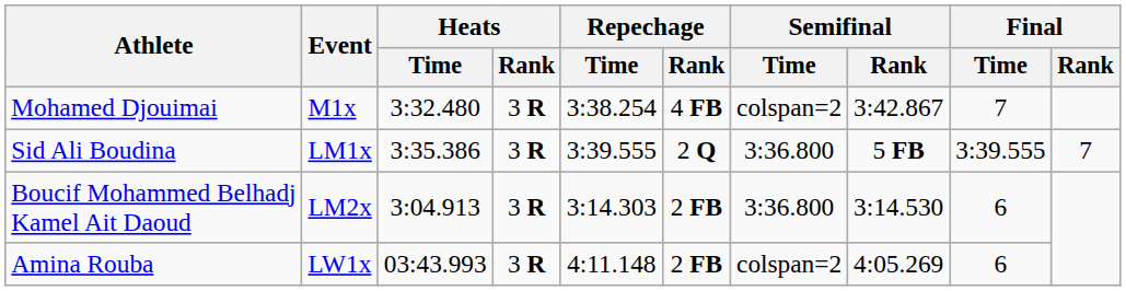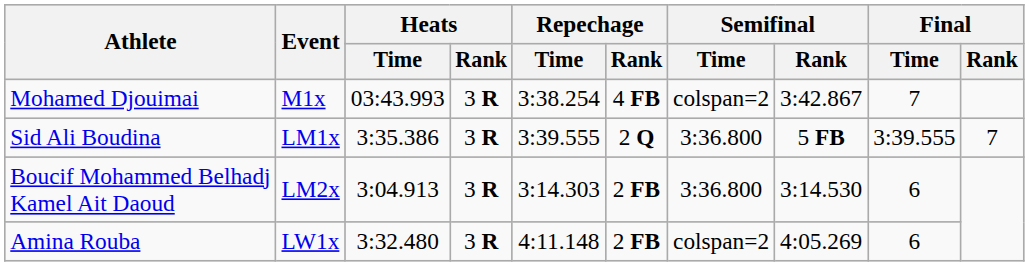 <table class="wikitable" style="font-size:90%">
 <tr>
 <th rowspan="2">Athlete</th>
 <th rowspan="2">Event</th>
 <th colspan="2">Heats</th>
 <th colspan="2">Repechage</th>
 <th colspan="2">Semifinal</th>
 <th colspan="2">Final</th>
 </tr>
 <tr style="font-size:95%">
 <th>Time</th>
 <th>Rank</th>
 <th>Time</th>
 <th>Rank</th>
 <th>Time</th>
 <th>Rank</th>
 <th>Time</th>
 <th>Rank</th>
 </tr>
 <tr align="center">
 <td align="left"><a href='#'>Mohamed Djouimai</a></td>
 <td align="left"><a href='#'>M1x</a></td>
-<td>3:32.480</td>
+<td>03:43.993</td>
 <td>3 <strong>R</strong></td>
 <td>3:38.254</td>
 <td>4 <strong>FB</strong></td>
 <td>colspan=2 </td>
 <td>3:42.867</td>
 <td>7</td>
 </tr>
 <tr align="center">
 <td align="left"><a href='#'>Sid Ali Boudina</a></td>
 <td align="left"><a href='#'>LM1x</a></td>
 <td>3:35.386</td>
 <td>3 <strong>R</strong></td>
 <td>3:39.555</td>
 <td>2 <strong>Q</strong></td>
 <td>3:36.800</td>
 <td>5 <strong>FB</strong></td>
 <td>3:39.555</td>
 <td>7</td>
 </tr>
 <tr align="center">
 <td align="left"><a href='#'>Boucif Mohammed Belhadj</a><br><a href='#'>Kamel Ait Daoud</a></td>
 <td align="left"><a href='#'>LM2x</a></td>
 <td>3:04.913</td>
 <td>3 <strong>R</strong></td>
 <td>3:14.303</td>
 <td>2 <strong>FB</strong></td>
 <td>3:36.800</td>
 <td>3:14.530</td>
 <td>6</td>
 </tr>
 <tr align="center">
 <td align="left"><a href='#'>Amina Rouba</a></td>
 <td align="left"><a href='#'>LW1x</a></td>
-<td>03:43.993</td>
+<td>3:32.480</td>
 <td>3 <strong>R</strong></td>
 <td>4:11.148</td>
 <td>2 <strong>FB</strong></td>
 <td>colspan=2 </td>
 <td>4:05.269</td>
 <td>6</td>
 </tr>
 </table>
